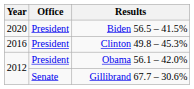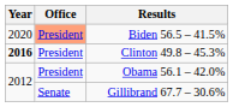 <table class=wikitable>
 <tr>
 <th width="30">Year</th>
 <th width="60">Office</th>
 <th width="180">Results</th>
 </tr>
 <tr>
 <td>2020</td>
-<td><a href='#'>President</a></td>
+<td style="background: lightsalmon;"><a href='#'>President</a></td>
 <td align="right" ><a href='#'>Biden</a> 56.5 – 41.5%</td>
 </tr>
 <tr>
-<td>2016</td>
+<td><strong>2016</strong></td>
 <td><a href='#'>President</a></td>
 <td align="right" ><a href='#'>Clinton</a> 49.8 – 45.3%</td>
 </tr>
 <tr>
 <td rowspan="2">2012</td>
 <td><a href='#'>President</a></td>
 <td align="right" ><a href='#'>Obama</a> 56.1 – 42.0%</td>
 </tr>
 <tr>
 <td><a href='#'>Senate</a></td>
 <td align="right" ><a href='#'>Gillibrand</a> 67.7 – 30.6%</td>
 </tr>
 </table>
